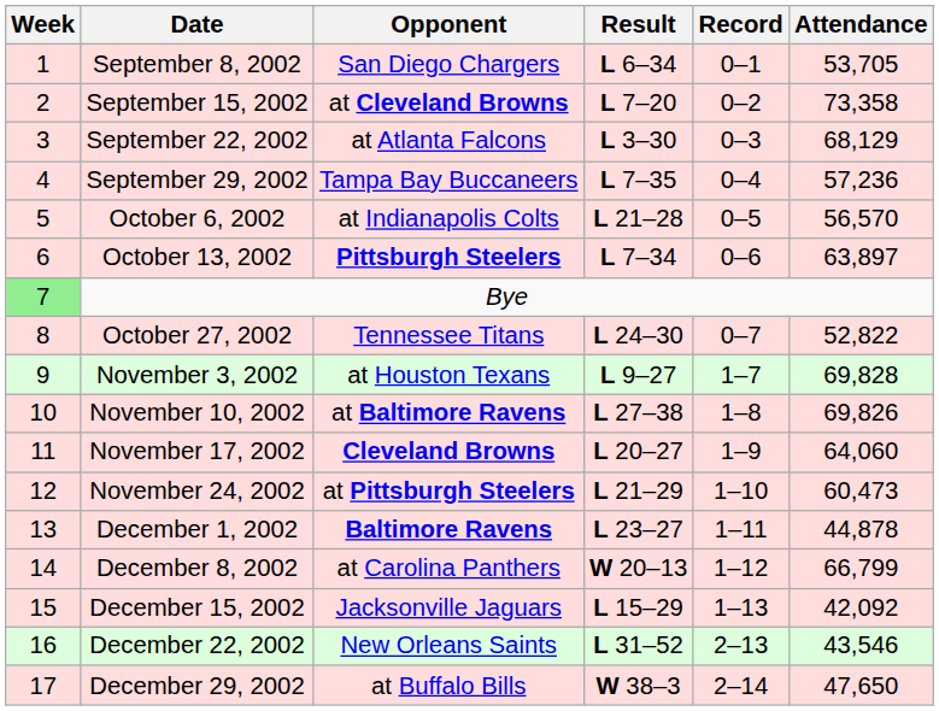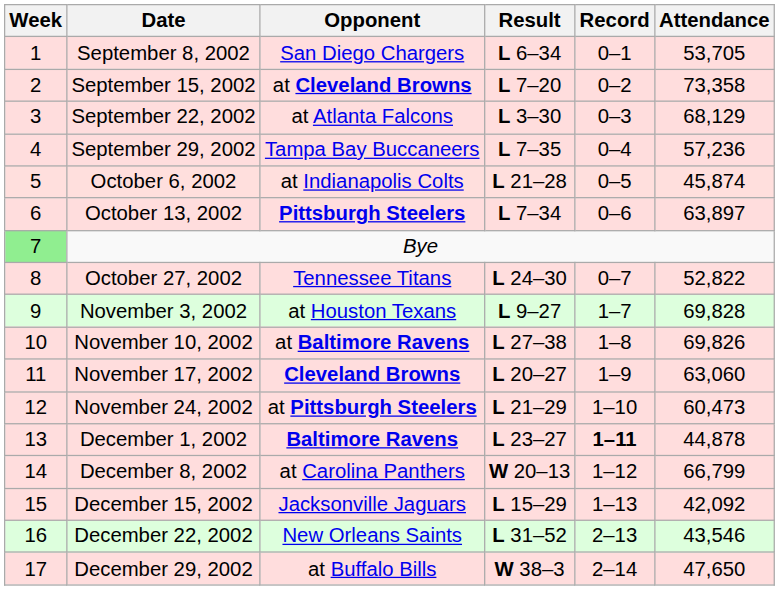 <table class="wikitable" style="text-align:center">
 <tr>
 <th>Week</th>
 <th>Date</th>
 <th>Opponent</th>
 <th>Result</th>
 <th>Record</th>
 <th>Attendance</th>
 </tr>
 <tr style="background:#ffdddd">
 <td>1</td>
 <td>September 8, 2002</td>
 <td><a href='#'>San Diego Chargers</a></td>
 <td><strong>L</strong> 6–34</td>
 <td>0–1</td>
 <td>53,705</td>
 </tr>
 <tr style="background:#ffdddd">
 <td>2</td>
 <td>September 15, 2002</td>
 <td>at <strong><a href='#'>Cleveland Browns</a></strong></td>
 <td><strong>L</strong> 7–20</td>
 <td>0–2</td>
 <td>73,358</td>
 </tr>
 <tr style="background:#ffdddd">
 <td>3</td>
 <td>September 22, 2002</td>
 <td>at <a href='#'>Atlanta Falcons</a></td>
 <td><strong>L</strong> 3–30</td>
 <td>0–3</td>
 <td>68,129</td>
 </tr>
 <tr style="background:#ffdddd">
 <td>4</td>
 <td>September 29, 2002</td>
 <td><a href='#'>Tampa Bay Buccaneers</a></td>
 <td><strong>L</strong> 7–35</td>
 <td>0–4</td>
 <td>57,236</td>
 </tr>
 <tr style="background: #ffdfdd;">
 <td>5</td>
 <td>October 6, 2002</td>
 <td>at <a href='#'>Indianapolis Colts</a></td>
 <td><strong>L</strong> 21–28</td>
 <td>0–5</td>
-<td>56,570</td>
+<td>45,874</td>
 </tr>
 <tr style="background:#ffdddd">
 <td>6</td>
 <td>October 13, 2002</td>
 <td><strong><a href='#'>Pittsburgh Steelers</a></strong></td>
 <td><strong>L</strong> 7–34</td>
 <td>0–6</td>
 <td>63,897</td>
 </tr>
 <tr>
 <td style="background: lightgreen;">7</td>
 <td colspan=5 align="center"><em>Bye</em></td>
 </tr>
 <tr style="background:#ffdddd">
 <td>8</td>
 <td>October 27, 2002</td>
 <td><a href='#'>Tennessee Titans</a></td>
 <td><strong>L</strong> 24–30</td>
 <td>0–7</td>
 <td>52,822</td>
 </tr>
 <tr style="background:#ddffdd">
 <td>9</td>
 <td>November 3, 2002</td>
 <td>at <a href='#'>Houston Texans</a></td>
 <td><strong>L</strong> 9–27</td>
 <td>1–7</td>
 <td>69,828</td>
 </tr>
 <tr style="background:#ffdddd">
 <td>10</td>
 <td>November 10, 2002</td>
 <td>at <strong><a href='#'>Baltimore Ravens</a></strong></td>
 <td><strong>L</strong> 27–38</td>
 <td>1–8</td>
 <td>69,826</td>
 </tr>
 <tr style="background:#ffdddd">
 <td>11</td>
 <td>November 17, 2002</td>
 <td><strong><a href='#'>Cleveland Browns</a></strong></td>
 <td><strong>L</strong> 20–27</td>
 <td>1–9</td>
-<td>64,060</td>
+<td>63,060</td>
 </tr>
 <tr style="background:#ffdddd">
 <td>12</td>
 <td>November 24, 2002</td>
 <td>at <strong><a href='#'>Pittsburgh Steelers</a></strong></td>
 <td><strong>L</strong> 21–29</td>
 <td>1–10</td>
 <td>60,473</td>
 </tr>
 <tr style="background:#ffdddd">
 <td>13</td>
 <td>December 1, 2002</td>
 <td><strong><a href='#'>Baltimore Ravens</a></strong></td>
 <td><strong>L</strong> 23–27</td>
-<td>1–11</td>
+<td><strong>1–11</strong></td>
 <td>44,878</td>
 </tr>
 <tr style="background:#ffdddd">
 <td>14</td>
 <td>December 8, 2002</td>
 <td>at <a href='#'>Carolina Panthers</a></td>
 <td><strong>W</strong> 20–13</td>
 <td>1–12</td>
 <td>66,799</td>
 </tr>
 <tr style="background:#ffdddd">
 <td>15</td>
 <td>December 15, 2002</td>
 <td><a href='#'>Jacksonville Jaguars</a></td>
 <td><strong>L</strong> 15–29</td>
 <td>1–13</td>
 <td>42,092</td>
 </tr>
 <tr style="background:#ddffdd">
 <td>16</td>
 <td>December 22, 2002</td>
 <td><a href='#'>New Orleans Saints</a></td>
 <td><strong>L</strong> 31–52</td>
 <td>2–13</td>
 <td>43,546</td>
 </tr>
 <tr style="background:#ffdddd">
 <td>17</td>
 <td>December 29, 2002</td>
 <td>at <a href='#'>Buffalo Bills</a></td>
 <td><strong>W</strong> 38–3</td>
 <td>2–14</td>
 <td>47,650</td>
 </tr>
 </table>
